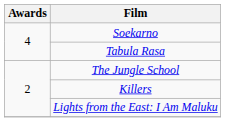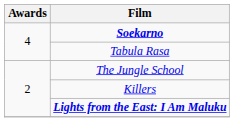 <table class="wikitable plainrowheaders" style="text-align:center;">
 <tr>
 <th scope="col" style="width:55px;">Awards</th>
 <th scope="col" style="text-align:center;">Film</th>
 </tr>
 <tr>
 <td rowspan="2">4</td>
-<td><em><a href='#'>Soekarno</a></em></td>
+<td><strong><em><a href='#'>Soekarno</a></em></strong></td>
 </tr>
 <tr>
 <td><em><a href='#'>Tabula Rasa</a></em></td>
 </tr>
 <tr>
 <td rowspan="3">2</td>
 <td><em><a href='#'>The Jungle School</a></em></td>
 </tr>
 <tr>
 <td><em><a href='#'>Killers</a></em></td>
 </tr>
 <tr>
-<td><em><a href='#'>Lights from the East: I Am Maluku</a></em></td>
+<td><strong><em><a href='#'>Lights from the East: I Am Maluku</a></em></strong></td>
 </tr>
 <tr>
 </tr>
 </table>
